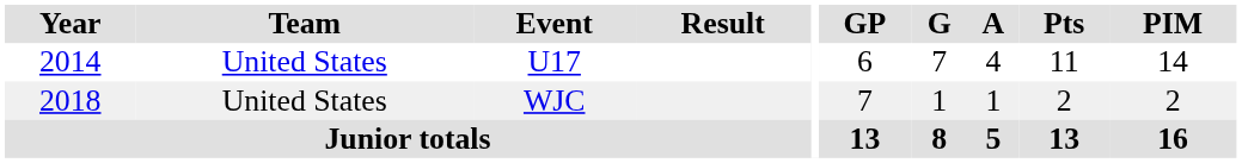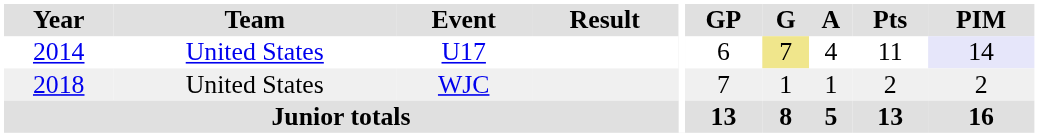 <table border="0" cellpadding="1" cellspacing="0" ID="Table3" style="text-align:center; width:40em">
 <tr ALIGN="center" bgcolor="#e0e0e0">
 <th>Year</th>
 <th>Team</th>
 <th>Event</th>
 <th>Result</th>
 <th rowspan="99" bgcolor="#ffffff"></th>
 <th>GP</th>
 <th>G</th>
 <th>A</th>
 <th>Pts</th>
 <th>PIM</th>
 </tr>
 <tr>
 <td><a href='#'>2014</a></td>
 <td><a href='#'>United States</a></td>
 <td><a href='#'>U17</a></td>
 <td></td>
 <td>6</td>
-<td>7</td>
+<td style="background: khaki;">7</td>
 <td>4</td>
 <td>11</td>
-<td>14</td>
+<td style="background: lavender;">14</td>
 </tr>
 <tr bgcolor="#f0f0f0">
 <td><a href='#'>2018</a></td>
 <td>United States</td>
 <td><a href='#'>WJC</a></td>
 <td></td>
 <td>7</td>
 <td>1</td>
 <td>1</td>
 <td>2</td>
 <td>2</td>
 </tr>
 <tr bgcolor="#e0e0e0">
 <th colspan="4">Junior totals</th>
 <th>13</th>
 <th>8</th>
 <th>5</th>
 <th>13</th>
 <th>16</th>
 </tr>
 </table>
